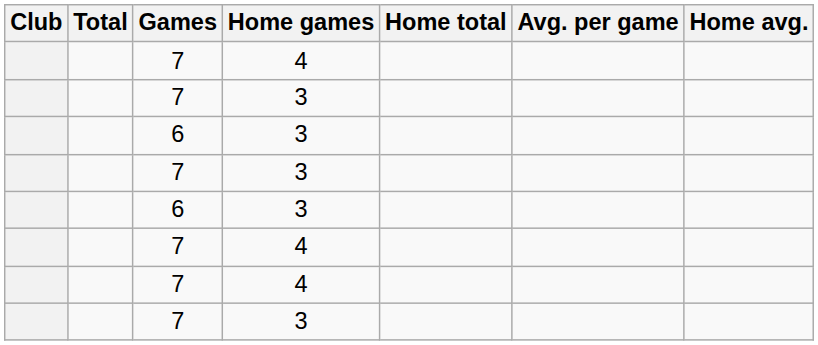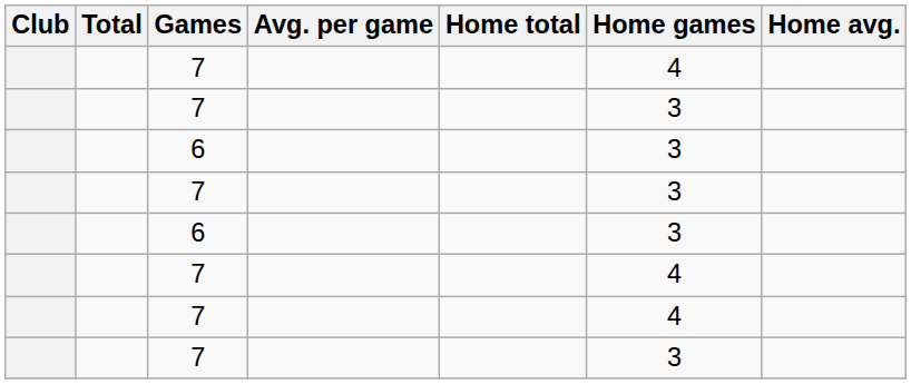 <table class="wikitable plainrowheaders sortable" style="text-align:center;">
 <tr>
 <th>Club</th>
 <th>Total</th>
 <th>Games</th>
+<th>Avg. per game</th>
+<th>Home total</th>
 <th>Home games</th>
-<th>Home total</th>
-<th>Avg. per game</th>
 <th>Home avg.</th>
 </tr>
 <tr>
 <th scope="row"></th>
 <td></td>
 <td>7</td>
-<td>4</td>
 <td></td>
 <td></td>
+<td>4</td>
 <td></td>
 </tr>
 <tr>
 <th scope="row"></th>
 <td></td>
 <td>7</td>
-<td>3</td>
 <td></td>
 <td></td>
+<td>3</td>
 <td></td>
 </tr>
 <tr>
 <th scope="row"></th>
 <td></td>
 <td>6</td>
-<td>3</td>
 <td></td>
 <td></td>
+<td>3</td>
 <td></td>
 </tr>
 <tr>
 <th scope="row"></th>
 <td></td>
 <td>7</td>
-<td>3</td>
 <td></td>
 <td></td>
+<td>3</td>
 <td></td>
 </tr>
 <tr>
 <th scope="row"></th>
 <td></td>
 <td>6</td>
-<td>3</td>
 <td></td>
 <td></td>
+<td>3</td>
 <td></td>
 </tr>
 <tr>
 <th scope="row"></th>
 <td></td>
 <td>7</td>
-<td>4</td>
 <td></td>
 <td></td>
+<td>4</td>
 <td></td>
 </tr>
 <tr>
 <th scope="row"></th>
 <td></td>
 <td>7</td>
-<td>4</td>
 <td></td>
 <td></td>
+<td>4</td>
 <td></td>
 </tr>
 <tr>
 <th scope="row"></th>
 <td></td>
 <td>7</td>
-<td>3</td>
 <td></td>
 <td></td>
+<td>3</td>
 <td></td>
 </tr>
 </table>
